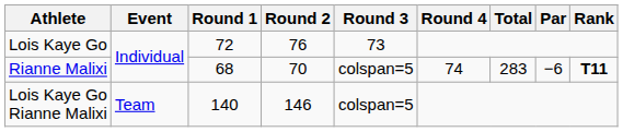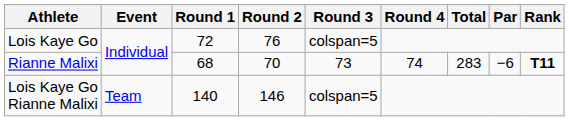 <table class=wikitable style="font-size:90%">
 <tr>
 <th>Athlete</th>
 <th>Event</th>
 <th>Round 1</th>
 <th>Round 2</th>
 <th>Round 3</th>
 <th>Round 4</th>
 <th>Total</th>
 <th>Par</th>
 <th>Rank</th>
 </tr>
 <tr>
 <td>Lois Kaye Go</td>
 <td rowspan=2><a href='#'>Individual</a></td>
 <td align=center>72</td>
 <td align=center>76</td>
-<td align=center>73</td>
+<td>colspan=5 </td>
 </tr>
 <tr>
 <td><a href='#'>Rianne Malixi</a></td>
 <td align=center>68</td>
 <td align=center>70</td>
-<td>colspan=5 </td>
+<td align=center>73</td>
 <td align=center>74</td>
 <td align=center>283</td>
 <td align=center>−6</td>
 <td align=center><strong>T11</strong></td>
 </tr>
 <tr>
 <td>Lois Kaye Go<br>Rianne Malixi</td>
 <td><a href='#'>Team</a></td>
 <td align=center>140</td>
 <td align=center>146</td>
 <td>colspan=5 </td>
 </tr>
 </table>
